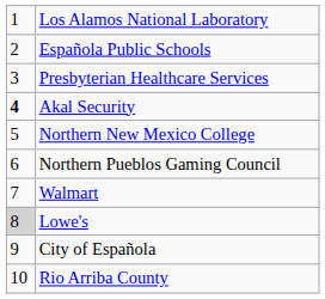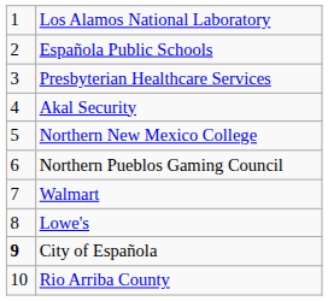 <table class="wikitable floatright" style="font-size: 90%; border: 1px solid #999; float: right; margin-left: 1em; width: 260px;">
 <tr>
 <td>1</td>
 <td style="text-align: left;"><a href='#'>Los Alamos National Laboratory</a></td>
 </tr>
 <tr>
 <td>2</td>
 <td style="text-align: left;"><a href='#'>Española Public Schools</a></td>
 </tr>
 <tr>
 <td>3</td>
 <td style="text-align: left;"><a href='#'>Presbyterian Healthcare Services</a></td>
 </tr>
 <tr>
-<td><strong>4</strong></td>
+<td>4</td>
 <td style="text-align: left;"><a href='#'>Akal Security</a></td>
 </tr>
 <tr>
 <td>5</td>
 <td style="text-align: left;"><a href='#'>Northern New Mexico College</a></td>
 </tr>
 <tr>
 <td>6</td>
 <td style="text-align: left;">Northern Pueblos Gaming Council</td>
 </tr>
 <tr>
 <td>7</td>
 <td style="text-align: left;"><a href='#'>Walmart</a></td>
 </tr>
 <tr>
-<td style="background: lightgrey;">8</td>
+<td>8</td>
 <td style="text-align: left;"><a href='#'>Lowe's</a></td>
 </tr>
 <tr>
-<td>9</td>
+<td><strong>9</strong></td>
 <td style="text-align: left;">City of Española</td>
 </tr>
 <tr>
 <td>10</td>
 <td style="text-align: left;"><a href='#'>Rio Arriba County</a></td>
 </tr>
 </table>
